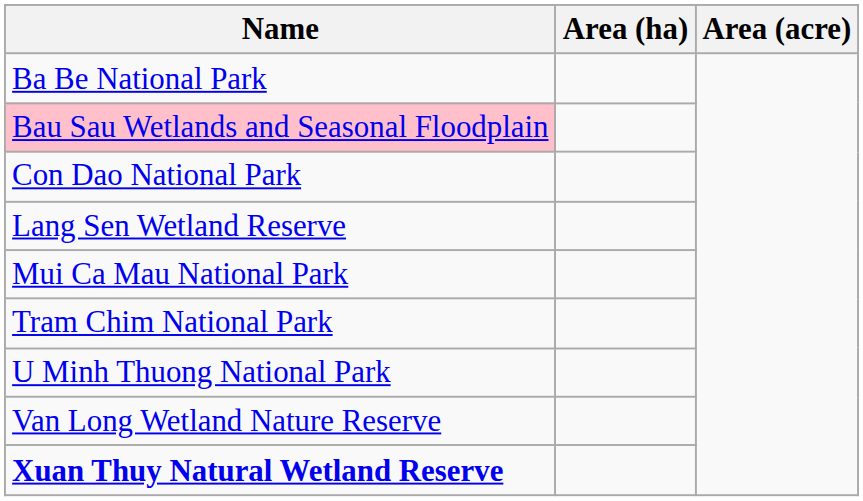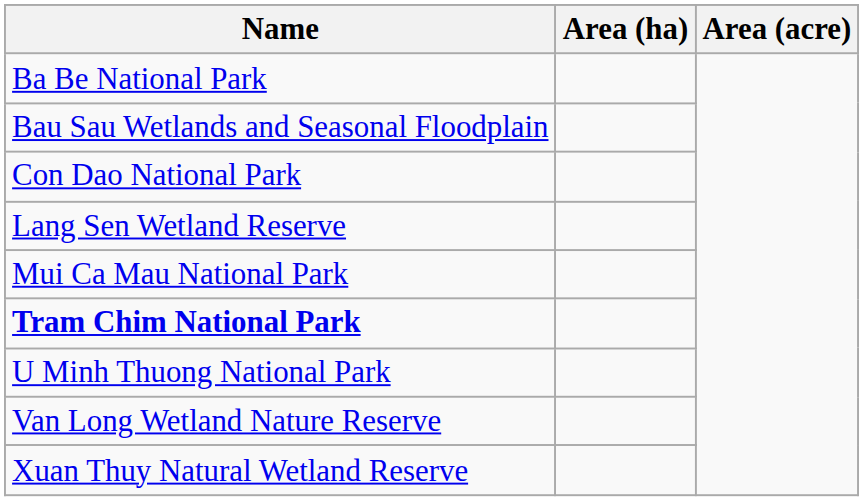 <table class="wikitable sortable">
 <tr>
 <th scope="col" align=left>Name</th>
 <th scope="col">Area (ha)</th>
 <th scope="col">Area (acre)</th>
 </tr>
 <tr ---->
 <td><a href='#'>Ba Be National Park</a></td>
 <td></td>
 </tr>
 <tr ---->
-<td style="background: pink;"><a href='#'>Bau Sau Wetlands and Seasonal Floodplain</a></td>
+<td><a href='#'>Bau Sau Wetlands and Seasonal Floodplain</a></td>
 <td></td>
 </tr>
 <tr ---->
 <td><a href='#'>Con Dao National Park</a></td>
 <td></td>
 </tr>
 <tr ---->
 <td><a href='#'>Lang Sen Wetland Reserve</a></td>
 <td></td>
 </tr>
 <tr ---->
 <td><a href='#'>Mui Ca Mau National Park</a></td>
 <td></td>
 </tr>
 <tr ---->
-<td><a href='#'>Tram Chim National Park</a></td>
+<td><strong><a href='#'>Tram Chim National Park</a></strong></td>
 <td></td>
 </tr>
 <tr ---->
 <td><a href='#'>U Minh Thuong National Park</a></td>
 <td></td>
 </tr>
 <tr ---->
 <td><a href='#'>Van Long Wetland Nature Reserve</a></td>
 <td></td>
 </tr>
 <tr ---->
-<td><strong><a href='#'>Xuan Thuy Natural Wetland Reserve</a></strong></td>
+<td><a href='#'>Xuan Thuy Natural Wetland Reserve</a></td>
 <td></td>
 </tr>
 </table>
